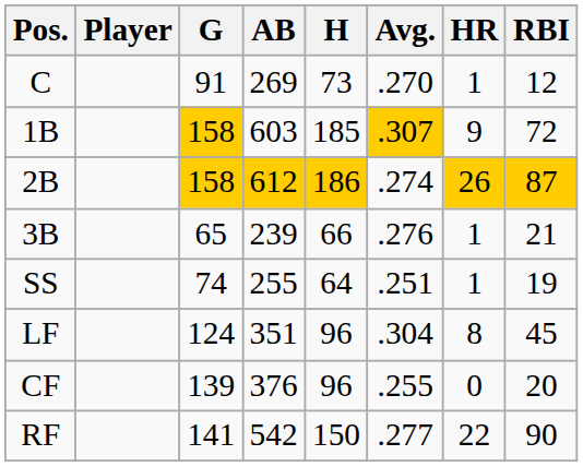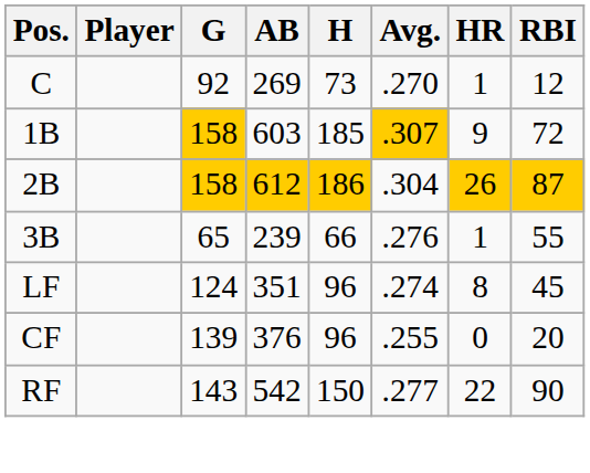 <table class="wikitable sortable" style="text-align:center">
 <tr>
 <th>Pos.</th>
 <th>Player</th>
 <th>G</th>
 <th>AB</th>
 <th>H</th>
 <th>Avg.</th>
 <th>HR</th>
 <th>RBI</th>
 </tr>
 <tr>
 <td>C</td>
 <td></td>
-<td>91</td>
+<td>92</td>
 <td>269</td>
 <td>73</td>
 <td>.270</td>
 <td>1</td>
 <td>12</td>
 </tr>
 <tr>
 <td>1B</td>
 <td></td>
 <td style="background:#fc0;">158</td>
 <td>603</td>
 <td>185</td>
 <td style="background:#fc0;">.307</td>
 <td>9</td>
 <td>72</td>
 </tr>
 <tr>
 <td>2B</td>
 <td></td>
 <td style="background:#fc0;">158</td>
 <td style="background:#fc0;">612</td>
 <td style="background:#fc0;">186</td>
-<td>.274</td>
+<td>.304</td>
 <td style="background:#fc0;">26</td>
 <td style="background:#fc0;">87</td>
 </tr>
 <tr>
 <td>3B</td>
 <td></td>
 <td>65</td>
 <td>239</td>
 <td>66</td>
 <td>.276</td>
 <td>1</td>
-<td>21</td>
-</tr>
-<tr>
-<td>SS</td>
-<td></td>
-<td>74</td>
-<td>255</td>
-<td>64</td>
-<td>.251</td>
-<td>1</td>
-<td>19</td>
+<td>55</td>
 </tr>
 <tr>
 <td>LF</td>
 <td></td>
 <td>124</td>
 <td>351</td>
 <td>96</td>
-<td>.304</td>
+<td>.274</td>
 <td>8</td>
 <td>45</td>
 </tr>
 <tr>
 <td>CF</td>
 <td></td>
 <td>139</td>
 <td>376</td>
 <td>96</td>
 <td>.255</td>
 <td>0</td>
 <td>20</td>
 </tr>
 <tr>
 <td>RF</td>
 <td></td>
-<td>141</td>
+<td>143</td>
 <td>542</td>
 <td>150</td>
 <td>.277</td>
 <td>22</td>
 <td>90</td>
 </tr>
 </table>
